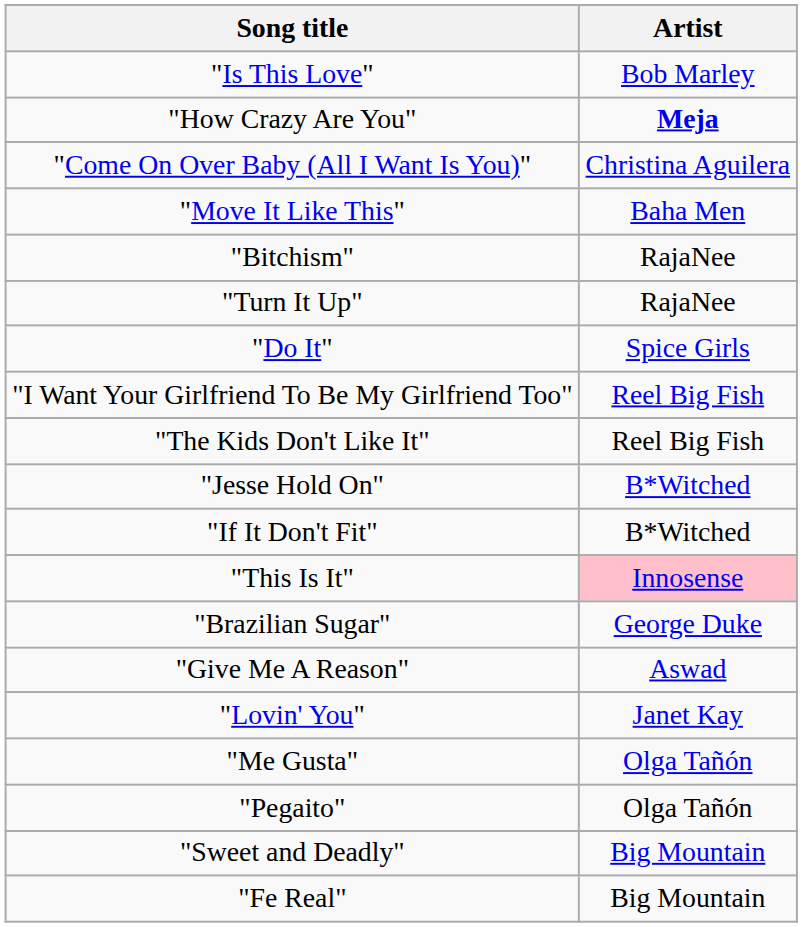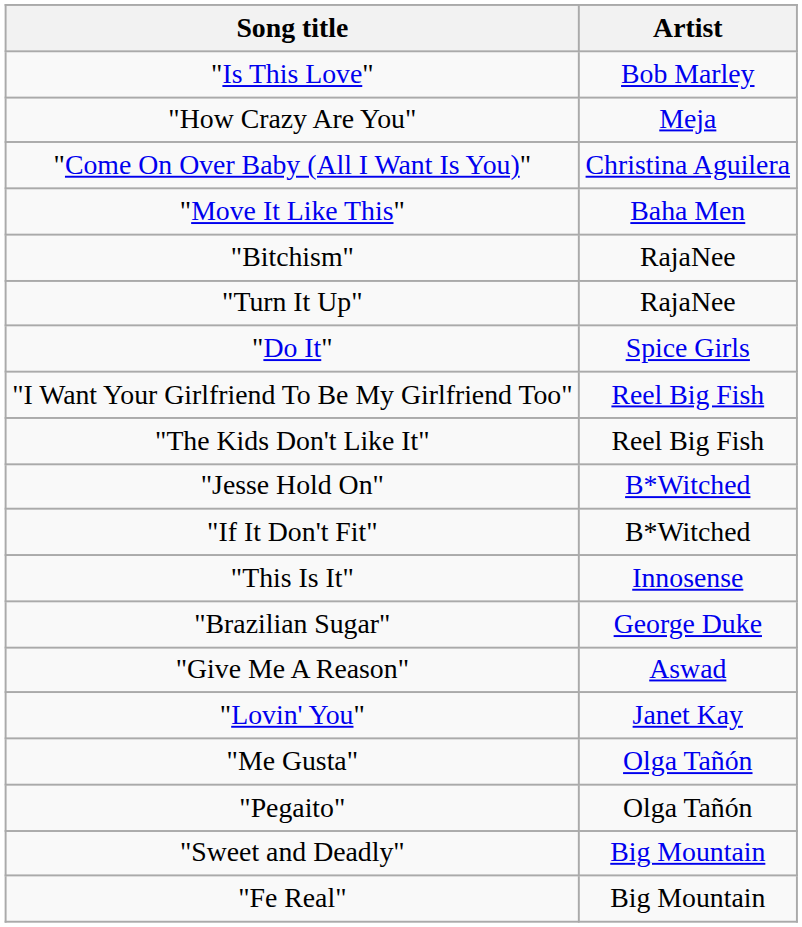 <table class="wikitable sortable" style="font-size:90%; text-align:center; margin: 5px;">
 <tr>
 <th>Song title</th>
 <th>Artist</th>
 </tr>
 <tr style>
 <td>"<a href='#'>Is This Love</a>"</td>
 <td><a href='#'>Bob Marley</a></td>
 </tr>
 <tr>
 <td>"How Crazy Are You"</td>
-<td><strong><a href='#'>Meja</a></strong></td>
+<td><a href='#'>Meja</a></td>
 </tr>
 <tr>
 <td>"<a href='#'>Come On Over Baby (All I Want Is You)</a>"</td>
 <td><a href='#'>Christina Aguilera</a></td>
 </tr>
 <tr>
 <td>"<a href='#'>Move It Like This</a>"</td>
 <td><a href='#'>Baha Men</a></td>
 </tr>
 <tr>
 <td>"Bitchism"</td>
 <td>RajaNee</td>
 </tr>
 <tr>
 <td>"Turn It Up"</td>
 <td>RajaNee</td>
 </tr>
 <tr>
 <td>"<a href='#'>Do It</a>"</td>
 <td><a href='#'>Spice Girls</a></td>
 </tr>
 <tr>
 <td>"I Want Your Girlfriend To Be My Girlfriend Too"</td>
 <td><a href='#'>Reel Big Fish</a></td>
 </tr>
 <tr>
 <td>"The Kids Don't Like It"</td>
 <td>Reel Big Fish</td>
 </tr>
 <tr>
 <td>"Jesse Hold On"</td>
 <td><a href='#'>B*Witched</a></td>
 </tr>
 <tr>
 <td>"If It Don't Fit"</td>
 <td>B*Witched</td>
 </tr>
 <tr>
 <td>"This Is It"</td>
-<td style="background: pink;"><a href='#'>Innosense</a></td>
+<td><a href='#'>Innosense</a></td>
 </tr>
 <tr>
 <td>"Brazilian Sugar"</td>
 <td><a href='#'>George Duke</a></td>
 </tr>
 <tr>
 <td>"Give Me A Reason"</td>
 <td><a href='#'>Aswad</a></td>
 </tr>
 <tr>
 <td>"<a href='#'>Lovin' You</a>"</td>
 <td><a href='#'>Janet Kay</a></td>
 </tr>
 <tr>
 <td>"Me Gusta"</td>
 <td><a href='#'>Olga Tañón</a></td>
 </tr>
 <tr>
 <td>"Pegaito"</td>
 <td>Olga Tañón</td>
 </tr>
 <tr>
 <td>"Sweet and Deadly"</td>
 <td><a href='#'>Big Mountain</a></td>
 </tr>
 <tr>
 <td>"Fe Real"</td>
 <td>Big Mountain</td>
 </tr>
 </table>
